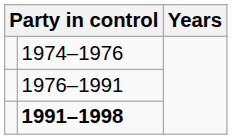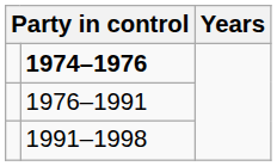 <table class="wikitable">
 <tr>
 <th colspan="2">Party in control</th>
 <th>Years</th>
 </tr>
 <tr>
 <td></td>
-<td>1974–1976</td>
+<td><strong>1974–1976</strong></td>
 </tr>
 <tr>
 <td></td>
 <td>1976–1991</td>
 </tr>
 <tr>
 <td></td>
-<td><strong>1991–1998</strong></td>
+<td>1991–1998</td>
 </tr>
 </table>
